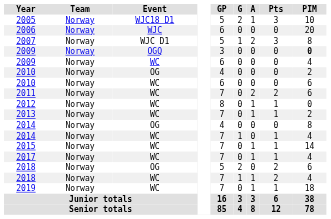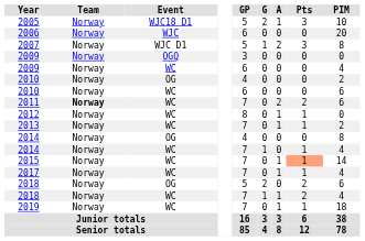 <table border="0" cellpadding="1" cellspacing="0" style="text-align:center; width:40em">
 <tr ALIGN="center" bgcolor="#e0e0e0">
 <th>Year</th>
 <th>Team</th>
 <th>Event</th>
 <th ALIGN="center" rowspan="99" bgcolor="#ffffff"> </th>
 <th>GP</th>
 <th>G</th>
 <th>A</th>
 <th>Pts</th>
 <th>PIM</th>
 </tr>
 <tr>
 <td><a href='#'>2005</a></td>
 <td><a href='#'>Norway</a></td>
 <td><a href='#'>WJC18 D1</a></td>
 <td>5</td>
 <td>2</td>
 <td>1</td>
 <td>3</td>
 <td>10</td>
 </tr>
 <tr bgcolor="#f0f0f0">
 <td><a href='#'>2006</a></td>
 <td><a href='#'>Norway</a></td>
 <td><a href='#'>WJC</a></td>
 <td>6</td>
 <td>0</td>
 <td>0</td>
 <td>0</td>
 <td>20</td>
 </tr>
 <tr>
 <td><a href='#'>2007</a></td>
 <td>Norway</td>
 <td>WJC D1</td>
 <td>5</td>
 <td>1</td>
 <td>2</td>
 <td>3</td>
 <td>8</td>
 </tr>
 <tr bgcolor="#f0f0f0">
 <td><a href='#'>2009</a></td>
 <td><a href='#'>Norway</a></td>
 <td><a href='#'>OGQ</a></td>
 <td>3</td>
 <td>0</td>
 <td>0</td>
 <td>0</td>
-<td><strong>0</strong></td>
+<td>0</td>
 </tr>
 <tr>
 <td><a href='#'>2009</a></td>
 <td>Norway</td>
 <td><a href='#'>WC</a></td>
 <td>6</td>
 <td>0</td>
 <td>0</td>
 <td>0</td>
 <td>4</td>
 </tr>
 <tr bgcolor="#f0f0f0">
 <td><a href='#'>2010</a></td>
 <td>Norway</td>
 <td>OG</td>
 <td>4</td>
 <td>0</td>
 <td>0</td>
 <td>0</td>
 <td>2</td>
 </tr>
 <tr>
 <td><a href='#'>2010</a></td>
 <td>Norway</td>
 <td>WC</td>
 <td>6</td>
 <td>0</td>
 <td>0</td>
 <td>0</td>
 <td>6</td>
 </tr>
 <tr bgcolor="#f0f0f0">
 <td><a href='#'>2011</a></td>
-<td>Norway</td>
+<td><strong>Norway</strong></td>
 <td>WC</td>
 <td>7</td>
 <td>0</td>
 <td>2</td>
 <td>2</td>
 <td>6</td>
 </tr>
 <tr>
 <td><a href='#'>2012</a></td>
 <td>Norway</td>
 <td>WC</td>
 <td>8</td>
 <td>0</td>
 <td>1</td>
 <td>1</td>
 <td>0</td>
 </tr>
 <tr bgcolor="#f0f0f0">
 <td><a href='#'>2013</a></td>
 <td>Norway</td>
 <td>WC</td>
 <td>7</td>
 <td>0</td>
 <td>1</td>
 <td>1</td>
 <td>2</td>
 </tr>
 <tr>
 <td><a href='#'>2014</a></td>
 <td>Norway</td>
 <td>OG</td>
 <td>4</td>
 <td>0</td>
 <td>0</td>
 <td>0</td>
 <td>8</td>
 </tr>
 <tr bgcolor="#f0f0f0">
 <td><a href='#'>2014</a></td>
 <td>Norway</td>
 <td>WC</td>
 <td>7</td>
 <td>1</td>
 <td>0</td>
 <td>1</td>
 <td>4</td>
 </tr>
 <tr>
 <td><a href='#'>2015</a></td>
 <td>Norway</td>
 <td>WC</td>
 <td>7</td>
 <td>0</td>
 <td>1</td>
-<td>1</td>
+<td style="background: lightsalmon;">1</td>
 <td>14</td>
 </tr>
 <tr bgcolor="#f0f0f0">
 <td><a href='#'>2017</a></td>
 <td>Norway</td>
 <td>WC</td>
 <td>7</td>
 <td>0</td>
 <td>1</td>
 <td>1</td>
 <td>4</td>
 </tr>
 <tr>
 <td><a href='#'>2018</a></td>
 <td>Norway</td>
 <td>OG</td>
 <td>5</td>
 <td>2</td>
 <td>0</td>
 <td>2</td>
 <td>6</td>
 </tr>
 <tr bgcolor="#f0f0f0">
 <td><a href='#'>2018</a></td>
 <td>Norway</td>
 <td>WC</td>
 <td>7</td>
 <td>1</td>
 <td>1</td>
 <td>2</td>
 <td>4</td>
 </tr>
 <tr>
 <td><a href='#'>2019</a></td>
 <td>Norway</td>
 <td>WC</td>
 <td>7</td>
 <td>0</td>
 <td>1</td>
 <td>1</td>
 <td>18</td>
 </tr>
 <tr bgcolor="#e0e0e0">
 <th colspan="3">Junior totals</th>
 <th>16</th>
 <th>3</th>
 <th>3</th>
 <th>6</th>
 <th>38</th>
 </tr>
 <tr bgcolor="#e0e0e0">
 <th colspan="3">Senior totals</th>
 <th>85</th>
 <th>4</th>
 <th>8</th>
 <th>12</th>
 <th>78</th>
 </tr>
 </table>
